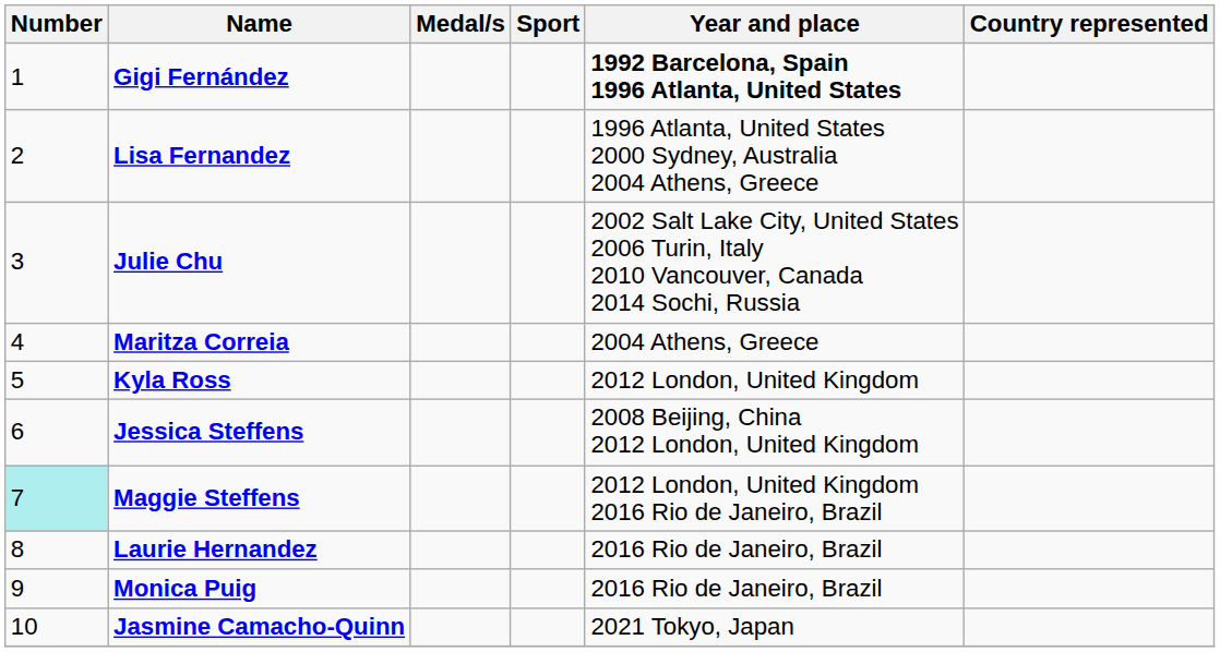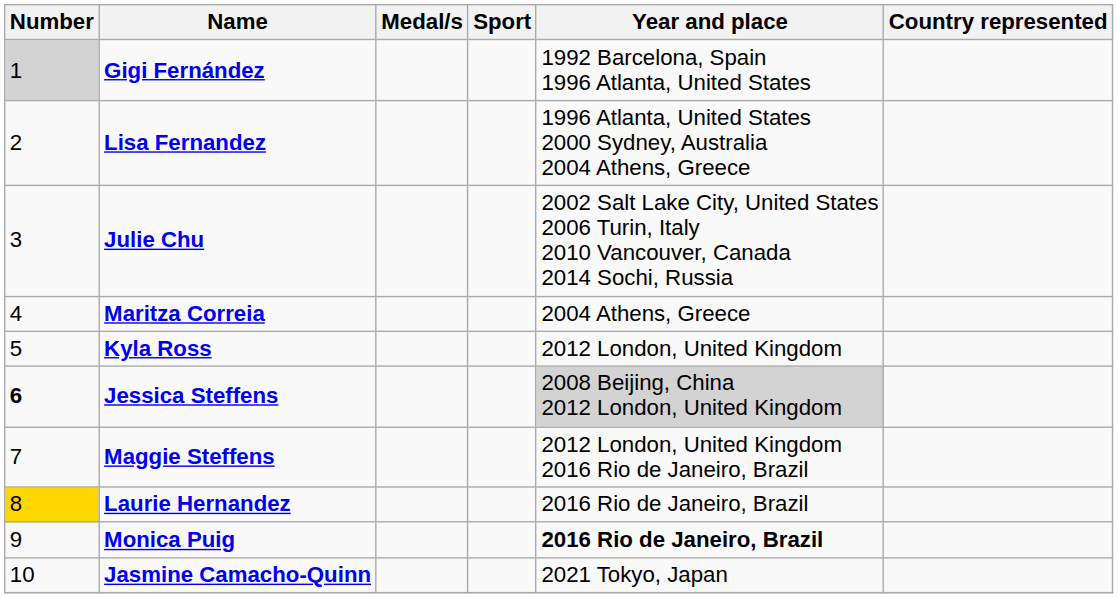 <table class="wikitable">
 <tr>
 <th>Number</th>
 <th>Name</th>
 <th>Medal/s</th>
 <th>Sport</th>
 <th>Year and place</th>
 <th>Country represented</th>
 </tr>
 <tr>
-<td>1</td>
+<td style="background: lightgrey;">1</td>
 <td><strong><a href='#'>Gigi Fernández</a></strong></td>
 <td></td>
 <td></td>
-<td><strong>1992 Barcelona, Spain<br>1996 Atlanta, United States</strong></td>
+<td>1992 Barcelona, Spain<br>1996 Atlanta, United States</td>
 <td></td>
 </tr>
 <tr>
 <td>2</td>
 <td><strong><a href='#'>Lisa Fernandez</a></strong></td>
 <td></td>
 <td></td>
 <td>1996 Atlanta, United States<br>2000 Sydney, Australia<br>2004 Athens, Greece</td>
 <td></td>
 </tr>
 <tr>
 <td>3</td>
 <td><strong><a href='#'>Julie Chu</a></strong></td>
 <td></td>
 <td></td>
 <td>2002 Salt Lake City, United States<br>2006 Turin, Italy<br>2010 Vancouver, Canada<br>2014 Sochi, Russia</td>
 <td></td>
 </tr>
 <tr>
 <td>4</td>
 <td><strong><a href='#'>Maritza Correia</a></strong></td>
 <td></td>
 <td></td>
 <td>2004 Athens, Greece</td>
 <td></td>
 </tr>
 <tr>
 <td>5</td>
 <td><strong><a href='#'>Kyla Ross</a> </strong></td>
 <td></td>
 <td></td>
 <td>2012 London, United Kingdom</td>
 <td></td>
 </tr>
 <tr>
-<td>6</td>
+<td><strong>6</strong></td>
 <td><strong><a href='#'>Jessica Steffens</a></strong></td>
 <td></td>
 <td></td>
-<td>2008 Beijing, China<br>2012 London, United Kingdom</td>
+<td style="background: lightgrey;">2008 Beijing, China<br>2012 London, United Kingdom</td>
 <td></td>
 </tr>
 <tr>
-<td style="background: paleturquoise;">7</td>
+<td>7</td>
 <td><strong><a href='#'>Maggie Steffens</a></strong></td>
 <td></td>
 <td></td>
 <td>2012 London, United Kingdom<br>2016 Rio de Janeiro, Brazil</td>
 <td></td>
 </tr>
 <tr>
-<td>8</td>
+<td style="background: gold;">8</td>
 <td><strong><a href='#'>Laurie Hernandez</a></strong></td>
 <td></td>
 <td></td>
 <td>2016 Rio de Janeiro, Brazil</td>
 <td></td>
 </tr>
 <tr>
 <td>9</td>
 <td><strong><a href='#'>Monica Puig</a></strong></td>
 <td></td>
 <td></td>
-<td>2016 Rio de Janeiro, Brazil</td>
+<td><strong>2016 Rio de Janeiro, Brazil</strong></td>
 <td></td>
 </tr>
 <tr>
 <td>10</td>
 <td><strong><a href='#'>Jasmine Camacho-Quinn</a></strong></td>
 <td></td>
 <td></td>
 <td>2021 Tokyo, Japan</td>
 <td></td>
 </tr>
 <tr>
 </tr>
 </table>
